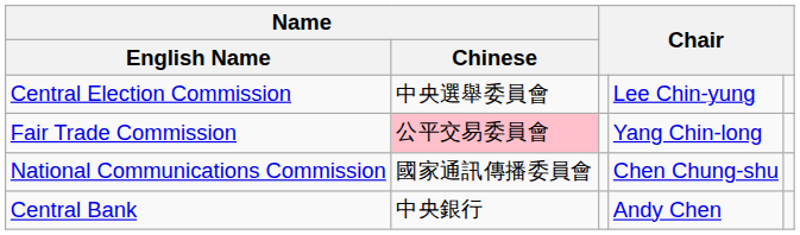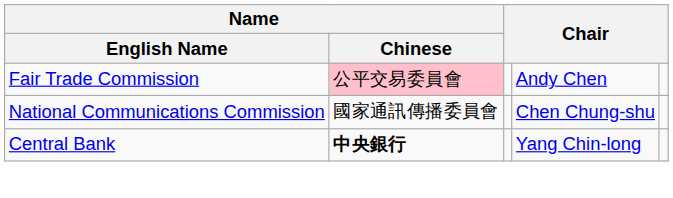 <table class="wikitable sortable">
 <tr>
 <th colspan="2">Name</th>
 <th colspan="3" rowspan="2">Chair</th>
 </tr>
 <tr>
 <th>English Name</th>
 <th>Chinese</th>
 </tr>
 <tr>
-<td><a href='#'>Central Election Commission</a></td>
-<td>中央選舉委員會</td>
-<td style="background:"></td>
-<td><a href='#'>Lee Chin-yung</a></td>
-<td></td>
-</tr>
-<tr>
 <td><a href='#'>Fair Trade Commission</a></td>
 <td style="background: pink;">公平交易委員會</td>
 <td style="background:"></td>
-<td><a href='#'>Yang Chin-long</a></td>
+<td><a href='#'>Andy Chen</a></td>
 <td></td>
 </tr>
 <tr>
 <td><a href='#'>National Communications Commission</a></td>
 <td>國家通訊傳播委員會</td>
 <td style="background:"></td>
 <td><a href='#'>Chen Chung-shu</a></td>
 <td></td>
 </tr>
 <tr>
 <td><a href='#'>Central Bank</a></td>
-<td>中央銀行</td>
+<td><strong>中央銀行</strong></td>
 <td style="background:"></td>
-<td><a href='#'>Andy Chen</a></td>
+<td><a href='#'>Yang Chin-long</a></td>
 <td></td>
 </tr>
 </table>
